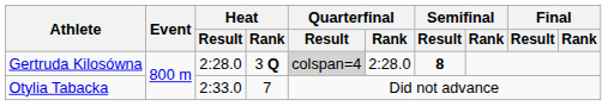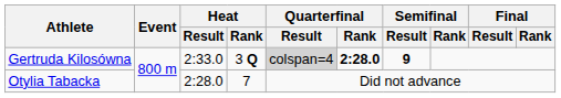 <table class="wikitable" style="font-size:90%">
 <tr>
 <th rowspan="2">Athlete</th>
 <th rowspan="2">Event</th>
 <th colspan="2">Heat</th>
 <th colspan="2">Quarterfinal</th>
 <th colspan="2">Semifinal</th>
 <th colspan="2">Final</th>
 </tr>
 <tr style="font-size:95%">
 <th>Result</th>
 <th>Rank</th>
 <th>Result</th>
 <th>Rank</th>
 <th>Result</th>
 <th>Rank</th>
 <th>Result</th>
 <th>Rank</th>
 </tr>
 <tr align=center>
 <td align=left><a href='#'>Gertruda Kilosówna</a></td>
 <td align=left rowspan=2><a href='#'>800 m</a></td>
-<td>2:28.0</td>
+<td>2:33.0</td>
 <td>3 <strong>Q</strong></td>
 <td style="background: lightgrey;">colspan=4 </td>
-<td>2:28.0</td>
-<td><strong>8</strong></td>
+<td><strong>2:28.0</strong></td>
+<td><strong>9</strong></td>
 </tr>
 <tr align=center>
 <td align=left><a href='#'>Otylia Tabacka</a></td>
-<td>2:33.0</td>
+<td>2:28.0</td>
 <td>7</td>
 <td colspan=6>Did not advance</td>
 </tr>
 </table>
